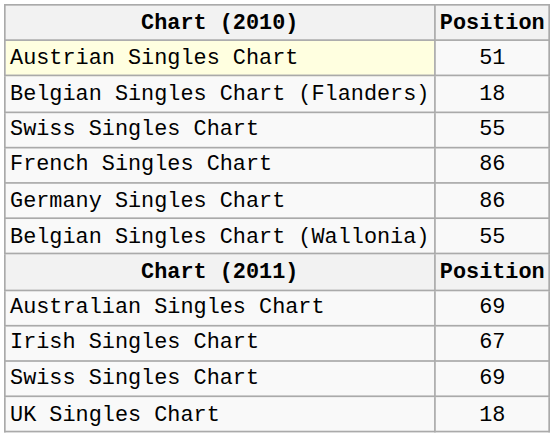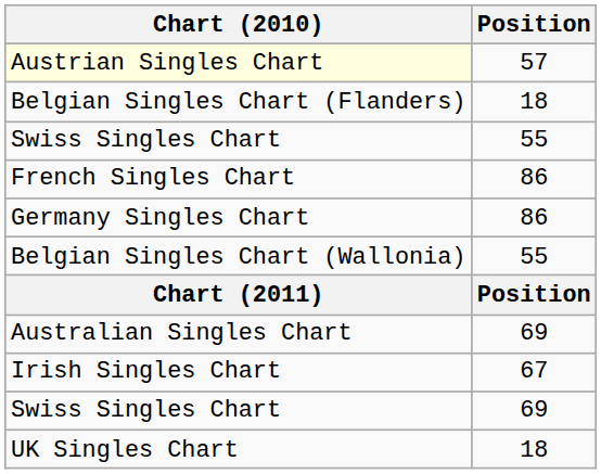 <table class="wikitable sortable">
 <tr>
 <th>Chart (2010)</th>
 <th>Position</th>
 </tr>
 <tr>
 <td style="background: lightyellow;">Austrian Singles Chart</td>
-<td style="text-align:center;">51</td>
+<td style="text-align:center;">57</td>
 </tr>
 <tr>
 <td>Belgian Singles Chart (Flanders)</td>
 <td style="text-align:center;">18</td>
 </tr>
 <tr>
 <td>Swiss Singles Chart</td>
 <td style="text-align:center;">55</td>
 </tr>
 <tr>
 <td>French Singles Chart</td>
 <td style="text-align:center;">86</td>
 </tr>
 <tr>
 <td>Germany Singles Chart</td>
 <td style="text-align:center;">86</td>
 </tr>
 <tr>
 <td>Belgian Singles Chart (Wallonia)</td>
 <td style="text-align:center;">55</td>
 </tr>
 <tr>
 <th>Chart (2011)</th>
 <th>Position</th>
 </tr>
 <tr>
 <td>Australian Singles Chart</td>
 <td style="text-align:center;">69</td>
 </tr>
 <tr>
 <td>Irish Singles Chart</td>
 <td style="text-align:center;">67</td>
 </tr>
 <tr>
 <td>Swiss Singles Chart</td>
 <td style="text-align:center;">69</td>
 </tr>
 <tr>
 <td>UK Singles Chart</td>
 <td style="text-align:center;">18</td>
 </tr>
 </table>
